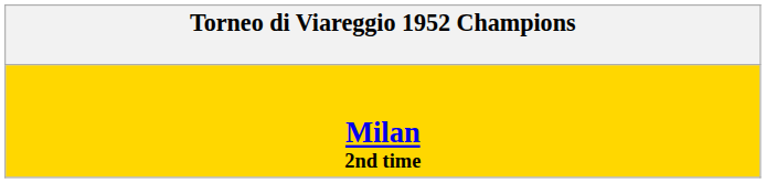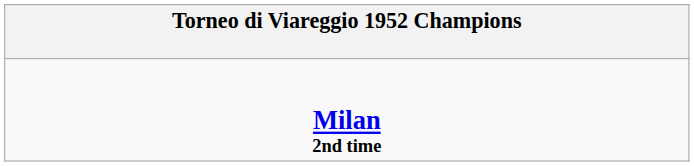 <table class="wikitable" style="margin: 0 auto; width: 30%;">
 <tr>
 <th><big>Torneo di Viareggio 1952 Champions</big><br><br></th>
 </tr>
 <tr>
-<td align=center style="background: gold;"><br><br><big><big><strong><a href='#'>Milan</a></strong><br></big></big><strong>2nd time</strong></td>
+<td align=center><br><br><big><big><strong><a href='#'>Milan</a></strong><br></big></big><strong>2nd time</strong></td>
 </tr>
 </table>
